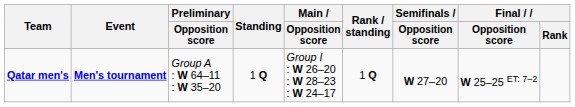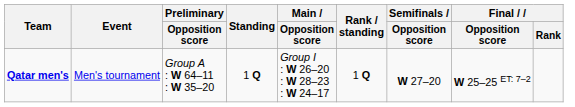 <table class=wikitable style=font-size:90%;text-align:center>
 <tr>
 <th rowspan=2>Team</th>
 <th rowspan=2>Event</th>
 <th>Preliminary</th>
 <th rowspan=2>Standing</th>
 <th>Main / </th>
 <th rowspan=2>Rank /<br> standing</th>
 <th>Semifinals / </th>
 <th colspan=2>Final /  / </th>
 </tr>
 <tr style="font-size:95%">
 <th>Opposition<br> score</th>
 <th>Opposition<br> score</th>
 <th>Opposition<br> score</th>
 <th>Opposition<br> score</th>
 <th>Rank</th>
 </tr>
 <tr>
 <td align=left><strong><a href='#'>Qatar men's</a></strong></td>
-<td align=left><strong><a href='#'>Men's tournament</a></strong></td>
+<td align=left><a href='#'>Men's tournament</a></td>
 <td align=left><em>Group A</em><br>: <strong>W</strong> 64–11<br>: <strong>W</strong> 35–20</td>
 <td>1 <strong>Q</strong></td>
 <td align=left><em>Group I</em><br>: <strong>W</strong> 26–20<br>: <strong>W</strong> 28–23<br>: <strong>W</strong> 24–17</td>
 <td>1 <strong>Q</strong></td>
 <td><br><strong>W</strong> 27–20</td>
 <td><br><strong>W</strong> 25–25 <sup>ET: 7–2</sup></td>
 <td></td>
 </tr>
 </table>
